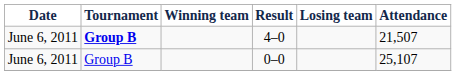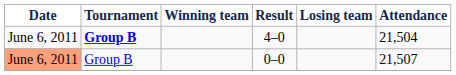 <table class="wikitable">
 <tr>
 <th style="text-align:center; background:#FFFFFF; color:#13284B; ">Date</th>
 <th style="text-align:center; background:#FFFFFF; color:#13284B; ">Tournament</th>
 <th style="text-align:center; background:#FFFFFF; color:#13284B; ">Winning team</th>
 <th style="text-align:center; background:#FFFFFF; color:#13284B; ">Result</th>
 <th style="text-align:center; background:#FFFFFF; color:#13284B; ">Losing team</th>
 <th style="text-align:center; background:#FFFFFF; color:#13284B; ">Attendance</th>
 </tr>
 <tr>
 <td>June 6, 2011</td>
 <td><strong><a href='#'>Group B</a></strong></td>
 <td></td>
 <td align=center>4–0</td>
 <td></td>
-<td>21,507</td>
+<td>21,504</td>
 </tr>
 <tr>
-<td>June 6, 2011</td>
+<td style="background: lightsalmon;">June 6, 2011</td>
 <td><a href='#'>Group B</a></td>
 <td></td>
 <td align=center>0–0</td>
 <td></td>
-<td>25,107</td>
+<td>21,507</td>
 </tr>
 <tr>
 </tr>
 </table>
